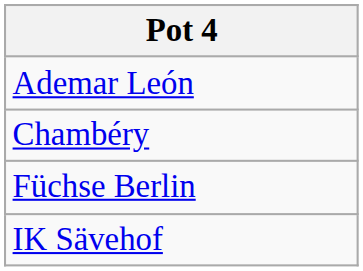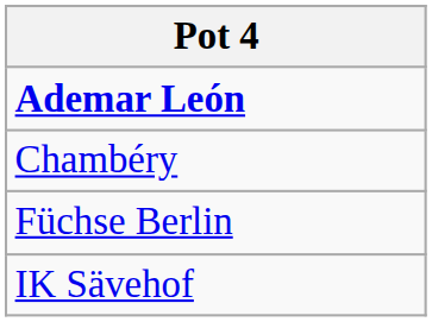 <table class="wikitable">
 <tr>
 <th width=165>Pot 4</th>
 </tr>
 <tr>
-<td> <a href='#'>Ademar León</a></td>
+<td><strong> <a href='#'>Ademar León</a></strong></td>
 </tr>
 <tr>
 <td> <a href='#'>Chambéry</a></td>
 </tr>
 <tr>
 <td> <a href='#'>Füchse Berlin</a></td>
 </tr>
 <tr>
 <td> <a href='#'>IK Sävehof</a></td>
 </tr>
 </table>
